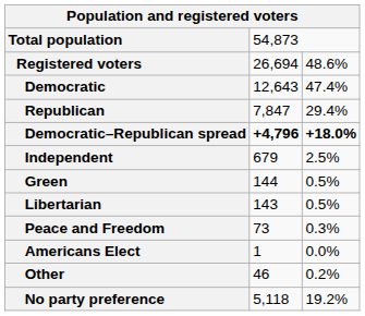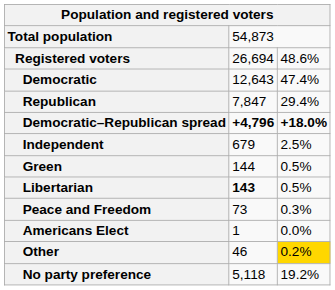 <table class="wikitable collapsible collapsed">
 <tr>
 <th colspan="3">Population and registered voters</th>
 </tr>
 <tr>
 <th scope="row" style="text-align: left;">Total population</th>
 <td colspan="2">54,873</td>
 </tr>
 <tr>
 <th scope="row" style="text-align: left;">  Registered voters</th>
 <td>26,694</td>
 <td>48.6%</td>
 </tr>
 <tr>
 <th scope="row" style="text-align: left;">    Democratic</th>
 <td>12,643</td>
 <td>47.4%</td>
 </tr>
 <tr>
 <th scope="row" style="text-align: left;">    Republican</th>
 <td>7,847</td>
 <td>29.4%</td>
 </tr>
 <tr>
 <th scope="row" style="text-align: left;">    Democratic–Republican spread</th>
 <td><span><strong>+4,796</strong></span></td>
 <td><span><strong>+18.0%</strong></span></td>
 </tr>
 <tr>
 <th scope="row" style="text-align: left;">    Independent</th>
 <td>679</td>
 <td>2.5%</td>
 </tr>
 <tr>
 <th scope="row" style="text-align: left;">    Green</th>
 <td>144</td>
 <td>0.5%</td>
 </tr>
 <tr>
 <th scope="row" style="text-align: left;">    Libertarian</th>
-<td>143</td>
+<td><strong>143</strong></td>
 <td>0.5%</td>
 </tr>
 <tr>
 <th scope="row" style="text-align: left;">    Peace and Freedom</th>
 <td>73</td>
 <td>0.3%</td>
 </tr>
 <tr>
 <th scope="row" style="text-align: left;">    Americans Elect</th>
 <td>1</td>
 <td>0.0%</td>
 </tr>
 <tr>
 <th scope="row" style="text-align: left;">    Other</th>
 <td>46</td>
-<td>0.2%</td>
+<td style="background: gold;">0.2%</td>
 </tr>
 <tr>
 <th scope="row" style="text-align: left;">    No party preference</th>
 <td>5,118</td>
 <td>19.2%</td>
 </tr>
 </table>
